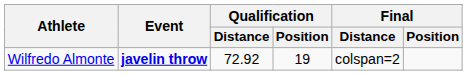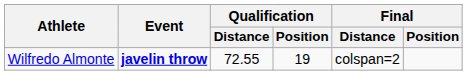 <table class=wikitable style=font-size:90%>
 <tr>
 <th rowspan=2>Athlete</th>
 <th rowspan=2>Event</th>
 <th colspan=2>Qualification</th>
 <th colspan=2>Final</th>
 </tr>
 <tr style=font-size:95%>
 <th>Distance</th>
 <th>Position</th>
 <th>Distance</th>
 <th>Position</th>
 </tr>
 <tr align=center>
 <td align=left><a href='#'>Wilfredo Almonte</a></td>
 <td align=left><strong><a href='#'>javelin throw</a></strong></td>
-<td>72.92</td>
+<td>72.55</td>
 <td>19</td>
 <td>colspan=2 </td>
 </tr>
 </table>
